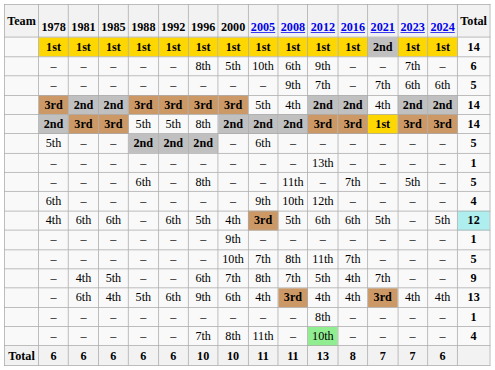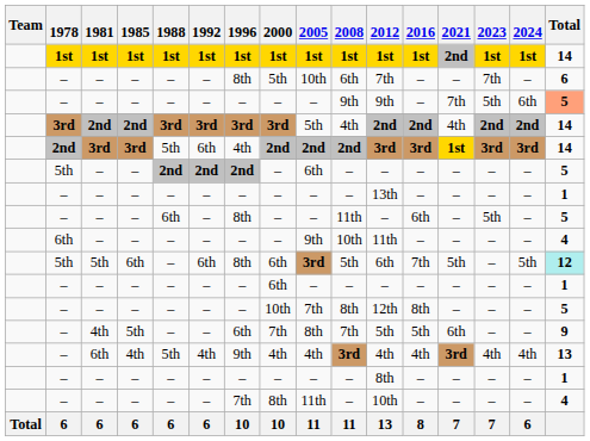 <table class="wikitable" style="text-align:center">
 <tr>
 <th>Team</th>
 <th><br>1978</th>
 <th><br>1981</th>
 <th><br>1985</th>
 <th><br>1988</th>
 <th><br>1992</th>
 <th><br>1996</th>
 <th><br>2000</th>
 <th><br><a href='#'>2005</a></th>
 <th><br><a href='#'>2008</a></th>
 <th><br><a href='#'>2012</a></th>
 <th><br><a href='#'>2016</a></th>
 <th><br><a href='#'>2021</a></th>
 <th><br><a href='#'>2023</a></th>
 <th><br><a href='#'>2024</a></th>
 <th>Total</th>
 </tr>
 <tr>
 <td align=left></td>
 <td bgcolor=gold><strong>1st</strong></td>
 <td bgcolor=gold><strong>1st</strong></td>
 <td bgcolor=gold><strong>1st</strong></td>
 <td bgcolor=gold><strong>1st</strong></td>
 <td bgcolor=gold><strong>1st</strong></td>
 <td bgcolor=gold><strong>1st</strong></td>
 <td bgcolor=gold><strong>1st</strong></td>
 <td bgcolor=gold><strong>1st</strong></td>
 <td bgcolor=gold><strong>1st</strong></td>
 <td bgcolor=gold><strong>1st</strong></td>
 <td bgcolor=gold><strong>1st</strong></td>
 <td bgcolor=silver><strong>2nd</strong></td>
 <td bgcolor=gold><strong>1st</strong></td>
 <td bgcolor=gold><strong>1st</strong></td>
 <td><strong>14</strong></td>
 </tr>
 <tr>
 <td align=left></td>
 <td>–</td>
 <td>–</td>
 <td>–</td>
 <td>–</td>
 <td>–</td>
 <td>8th</td>
 <td>5th</td>
 <td>10th</td>
 <td>6th</td>
-<td>9th</td>
+<td>7th</td>
 <td>–</td>
 <td>–</td>
 <td>7th</td>
 <td>–</td>
 <td><strong>6</strong></td>
 </tr>
 <tr>
 <td align=left></td>
 <td>–</td>
 <td>–</td>
 <td>–</td>
 <td>–</td>
 <td>–</td>
 <td>–</td>
 <td>–</td>
 <td>–</td>
 <td>9th</td>
-<td>7th</td>
+<td>9th</td>
 <td>–</td>
 <td>7th</td>
+<td>5th</td>
 <td>6th</td>
-<td>6th</td>
-<td><strong>5</strong></td>
+<td style="background: lightsalmon;"><strong>5</strong></td>
 </tr>
 <tr>
 <td align=left></td>
 <td bgcolor=#cc9966><strong>3rd</strong></td>
 <td bgcolor=silver><strong>2nd</strong></td>
 <td bgcolor=silver><strong>2nd</strong></td>
 <td bgcolor=#cc9966><strong>3rd</strong></td>
 <td bgcolor=#cc9966><strong>3rd</strong></td>
 <td bgcolor=#cc9966><strong>3rd</strong></td>
 <td bgcolor=#cc9966><strong>3rd</strong></td>
 <td>5th</td>
 <td>4th</td>
 <td bgcolor=silver><strong>2nd</strong></td>
 <td bgcolor=silver><strong>2nd</strong></td>
 <td>4th</td>
 <td bgcolor=silver><strong>2nd</strong></td>
 <td bgcolor=silver><strong>2nd</strong></td>
 <td><strong>14</strong></td>
 </tr>
 <tr>
 <td align=left></td>
 <td bgcolor=silver><strong>2nd</strong></td>
 <td bgcolor=#cc9966><strong>3rd</strong></td>
 <td bgcolor=#cc9966><strong>3rd</strong></td>
 <td>5th</td>
-<td>5th</td>
-<td>8th</td>
+<td>6th</td>
+<td>4th</td>
 <td bgcolor=silver><strong>2nd</strong></td>
 <td bgcolor=silver><strong>2nd</strong></td>
 <td bgcolor=silver><strong>2nd</strong></td>
 <td bgcolor=#cc9966><strong>3rd</strong></td>
 <td bgcolor=#cc9966><strong>3rd</strong></td>
 <td bgcolor=gold><strong>1st</strong></td>
 <td bgcolor=#cc9966><strong>3rd</strong></td>
 <td bgcolor=#cc9966><strong>3rd</strong></td>
 <td><strong>14</strong></td>
 </tr>
 <tr>
 <td align=left></td>
 <td>5th</td>
 <td>–</td>
 <td>–</td>
 <td bgcolor=silver><strong>2nd</strong></td>
 <td bgcolor=silver><strong>2nd</strong></td>
 <td bgcolor=silver><strong>2nd</strong></td>
 <td>–</td>
 <td>6th</td>
 <td>–</td>
 <td>–</td>
 <td>–</td>
 <td>–</td>
 <td>–</td>
 <td>–</td>
 <td><strong>5</strong></td>
 </tr>
 <tr>
 <td align=left></td>
 <td>–</td>
 <td>–</td>
 <td>–</td>
 <td>–</td>
 <td>–</td>
 <td>–</td>
 <td>–</td>
 <td>–</td>
 <td>–</td>
 <td>13th</td>
 <td>–</td>
 <td>–</td>
 <td>–</td>
 <td>–</td>
 <td><strong>1</strong></td>
 </tr>
 <tr>
 <td align=left></td>
 <td>–</td>
 <td>–</td>
 <td>–</td>
 <td>6th</td>
 <td>–</td>
 <td>8th</td>
 <td>–</td>
 <td>–</td>
 <td>11th</td>
 <td>–</td>
-<td>7th</td>
+<td>6th</td>
 <td>–</td>
 <td>5th</td>
 <td>–</td>
 <td><strong>5</strong></td>
 </tr>
 <tr>
 <td align=left></td>
 <td>6th</td>
 <td>–</td>
 <td>–</td>
 <td>–</td>
 <td>–</td>
 <td>–</td>
 <td>–</td>
 <td>9th</td>
 <td>10th</td>
-<td>12th</td>
+<td>11th</td>
 <td>–</td>
 <td>–</td>
 <td>–</td>
 <td>–</td>
 <td><strong>4</strong></td>
 </tr>
 <tr>
 <td align=left></td>
-<td>4th</td>
-<td>6th</td>
+<td>5th</td>
+<td>5th</td>
 <td>6th</td>
 <td>–</td>
 <td>6th</td>
-<td>5th</td>
-<td>4th</td>
+<td>8th</td>
+<td>6th</td>
 <td bgcolor=#cc9966><strong>3rd</strong></td>
 <td>5th</td>
 <td>6th</td>
-<td>6th</td>
+<td>7th</td>
 <td>5th</td>
 <td>–</td>
 <td>5th</td>
 <td style="background: paleturquoise;"><strong>12</strong></td>
 </tr>
 <tr>
 <td align=left></td>
 <td>–</td>
 <td>–</td>
 <td>–</td>
 <td>–</td>
 <td>–</td>
 <td>–</td>
-<td>9th</td>
+<td>6th</td>
 <td>–</td>
 <td>–</td>
 <td>–</td>
 <td>–</td>
 <td>–</td>
 <td>–</td>
 <td>–</td>
 <td><strong>1</strong></td>
 </tr>
 <tr>
 <td align=left></td>
 <td>–</td>
 <td>–</td>
 <td>–</td>
 <td>–</td>
 <td>–</td>
 <td>–</td>
 <td>10th</td>
 <td>7th</td>
 <td>8th</td>
-<td>11th</td>
-<td>7th</td>
+<td>12th</td>
+<td>8th</td>
 <td>–</td>
 <td>–</td>
 <td>–</td>
 <td><strong>5</strong></td>
 </tr>
 <tr>
 <td align=left></td>
 <td>–</td>
 <td>4th</td>
 <td>5th</td>
 <td>–</td>
 <td>–</td>
 <td>6th</td>
 <td>7th</td>
 <td>8th</td>
 <td>7th</td>
 <td>5th</td>
-<td>4th</td>
-<td>7th</td>
+<td>5th</td>
+<td>6th</td>
 <td>–</td>
 <td>–</td>
 <td><strong>9</strong></td>
 </tr>
 <tr>
 <td align=left></td>
 <td>–</td>
 <td>6th</td>
 <td>4th</td>
 <td>5th</td>
-<td>6th</td>
+<td>4th</td>
 <td>9th</td>
-<td>6th</td>
+<td>4th</td>
 <td>4th</td>
 <td bgcolor=#cc9966><strong>3rd</strong></td>
 <td>4th</td>
 <td>4th</td>
 <td bgcolor=#cc9966><strong>3rd</strong></td>
 <td>4th</td>
 <td>4th</td>
 <td><strong>13</strong></td>
 </tr>
 <tr>
 <td align=left></td>
 <td>–</td>
 <td>–</td>
 <td>–</td>
 <td>–</td>
 <td>–</td>
 <td>–</td>
 <td>–</td>
 <td>–</td>
 <td>–</td>
 <td>8th</td>
 <td>–</td>
 <td>–</td>
 <td>–</td>
 <td>–</td>
 <td><strong>1</strong></td>
 </tr>
 <tr>
 <td align=left></td>
 <td>–</td>
 <td>–</td>
 <td>–</td>
 <td>–</td>
 <td>–</td>
 <td>7th</td>
 <td>8th</td>
 <td>11th</td>
 <td>–</td>
-<td style="background: lightgreen;">10th</td>
+<td>10th</td>
 <td>–</td>
 <td>–</td>
 <td>–</td>
 <td>–</td>
 <td><strong>4</strong></td>
 </tr>
 <tr>
 <th>Total</th>
 <th>6</th>
 <th>6</th>
 <th>6</th>
 <th>6</th>
 <th>6</th>
 <th>10</th>
 <th>10</th>
 <th>11</th>
 <th>11</th>
 <th>13</th>
 <th>8</th>
 <th>7</th>
 <th>7</th>
 <th>6</th>
 <th></th>
 </tr>
 </table>
